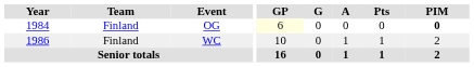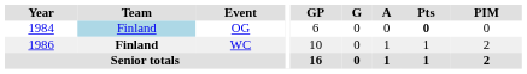 <table border="0" cellpadding="1" cellspacing="0" ID="Table3" style="text-align:center; width:40em">
 <tr bgcolor="#e0e0e0">
 <th>Year</th>
 <th>Team</th>
 <th>Event</th>
 <th rowspan="102" bgcolor="#ffffff"></th>
 <th>GP</th>
 <th>G</th>
 <th>A</th>
 <th>Pts</th>
 <th>PIM</th>
 </tr>
 <tr>
 <td><a href='#'>1984</a></td>
-<td><a href='#'>Finland</a></td>
+<td style="background: lightblue;"><a href='#'>Finland</a></td>
 <td><a href='#'>OG</a></td>
-<td style="background: lightyellow;">6</td>
-<td>0</td>
+<td>6</td>
 <td>0</td>
 <td>0</td>
 <td><strong>0</strong></td>
+<td>0</td>
 </tr>
 <tr bgcolor="#f0f0f0">
 <td><a href='#'>1986</a></td>
-<td>Finland</td>
+<td><strong>Finland</strong></td>
 <td><a href='#'>WC</a></td>
 <td>10</td>
 <td>0</td>
 <td>1</td>
 <td>1</td>
 <td>2</td>
 </tr>
 <tr bgcolor="#e0e0e0">
 <th colspan="3">Senior totals</th>
 <th>16</th>
 <th>0</th>
 <th>1</th>
 <th>1</th>
 <th>2</th>
 </tr>
 </table>
